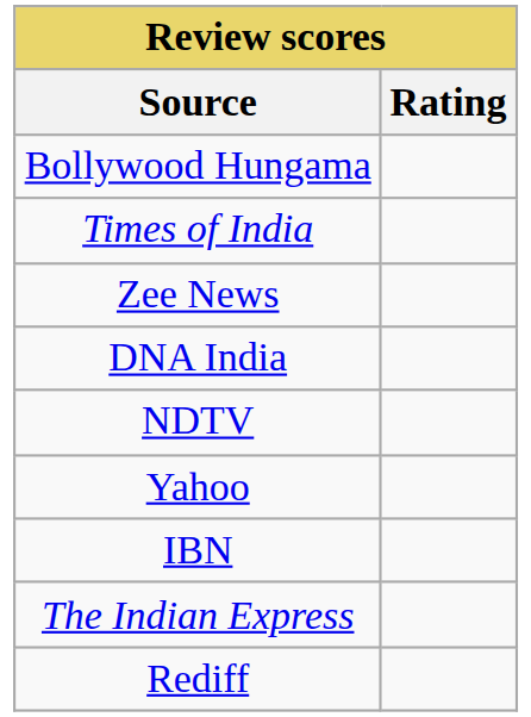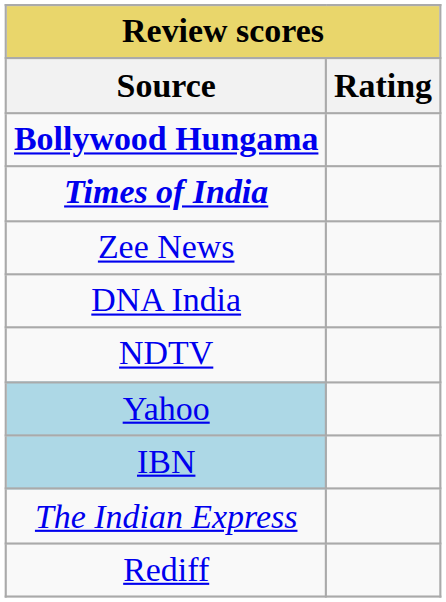 <table class="wikitable collapsible autocollapse;" style="margin: 1em auto 1em auto; text-align: center; ">
 <tr>
 <td colspan="6"  style="text-align:center; background:#e9d66b;"><strong>Review scores</strong></td>
 </tr>
 <tr>
 <th>Source</th>
 <th>Rating</th>
 </tr>
 <tr>
-<td><a href='#'>Bollywood Hungama</a></td>
+<td><strong><a href='#'>Bollywood Hungama</a></strong></td>
 <td></td>
 </tr>
 <tr>
-<td><em><a href='#'>Times of India</a></em></td>
+<td><strong><em><a href='#'>Times of India</a></em></strong></td>
 <td></td>
 </tr>
 <tr>
 <td><a href='#'>Zee News</a></td>
 <td></td>
 </tr>
 <tr>
 <td><a href='#'>DNA India</a></td>
 <td></td>
 </tr>
 <tr>
 <td><a href='#'>NDTV</a></td>
 <td></td>
 </tr>
 <tr>
-<td><a href='#'>Yahoo</a></td>
+<td style="background: lightblue;"><a href='#'>Yahoo</a></td>
 <td></td>
 </tr>
 <tr>
-<td><a href='#'>IBN</a></td>
+<td style="background: lightblue;"><a href='#'>IBN</a></td>
 <td></td>
 </tr>
 <tr>
 <td><em><a href='#'>The Indian Express</a></em></td>
 <td></td>
 </tr>
 <tr>
 <td><a href='#'>Rediff</a></td>
 <td></td>
 </tr>
 </table>
